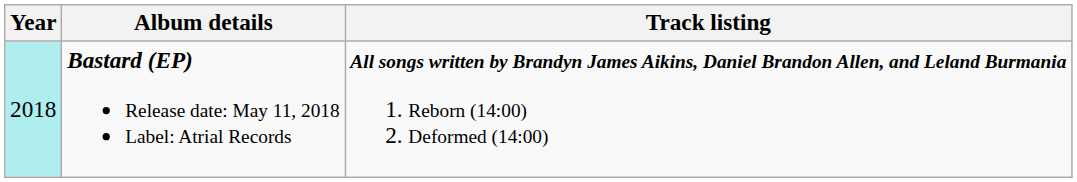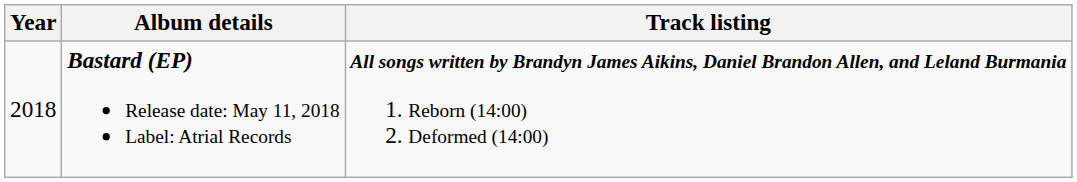 <table class="wikitable mw-collapsible mw-collapsed">
 <tr>
 <th>Year</th>
 <th>Album details</th>
 <th>Track listing</th>
 </tr>
 <tr>
-<td style="background: paleturquoise;">2018</td>
+<td>2018</td>
 <td><strong><em>Bastard (EP)</em></strong><br><ul><li><small>Release date: May 11, 2018</small></li><li><small>Label: Atrial Records</small></li></ul></td>
 <td><strong><em><small>All songs written by Brandyn James Aikins, Daniel Brandon Allen, and Leland Burmania</small></em></strong><br><ol><li><small>Reborn (14:00)</small></li><li><small>Deformed (14:00)</small></li></ol></td>
 </tr>
 </table>
